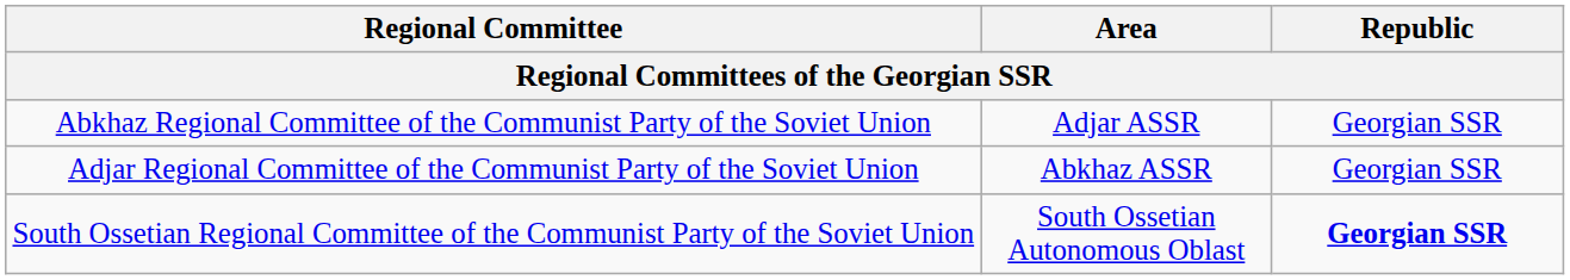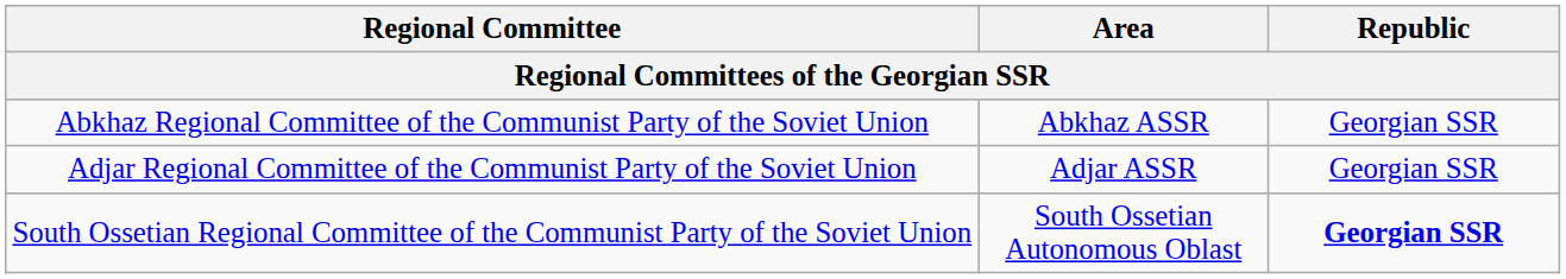 <table class="wikitable" style="text-align:center">
 <tr>
 <th>Regional Committee</th>
 <th width="150">Area</th>
 <th width="150">Republic</th>
 </tr>
 <tr>
 <th colspan="3"><strong>Regional Committees of the Georgian SSR</strong></th>
 </tr>
 <tr>
 <td><a href='#'>Abkhaz Regional Committee of the Communist Party of the Soviet Union</a></td>
-<td><a href='#'>Adjar ASSR</a></td>
+<td><a href='#'>Abkhaz ASSR</a></td>
 <td> <a href='#'>Georgian SSR</a></td>
 </tr>
 <tr>
 <td><a href='#'>Adjar Regional Committee of the Communist Party of the Soviet Union</a></td>
-<td><a href='#'>Abkhaz ASSR</a></td>
+<td><a href='#'>Adjar ASSR</a></td>
 <td> <a href='#'>Georgian SSR</a></td>
 </tr>
 <tr>
 <td><a href='#'>South Ossetian Regional Committee of the Communist Party of the Soviet Union</a></td>
 <td><a href='#'>South Ossetian Autonomous Oblast</a></td>
 <td><strong> <a href='#'>Georgian SSR</a></strong></td>
 </tr>
 </table>
